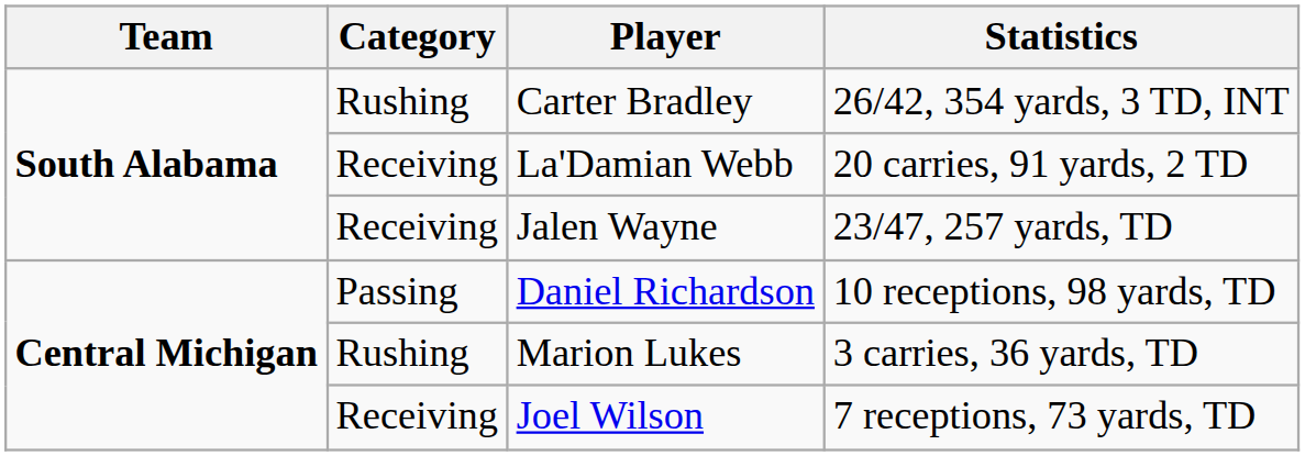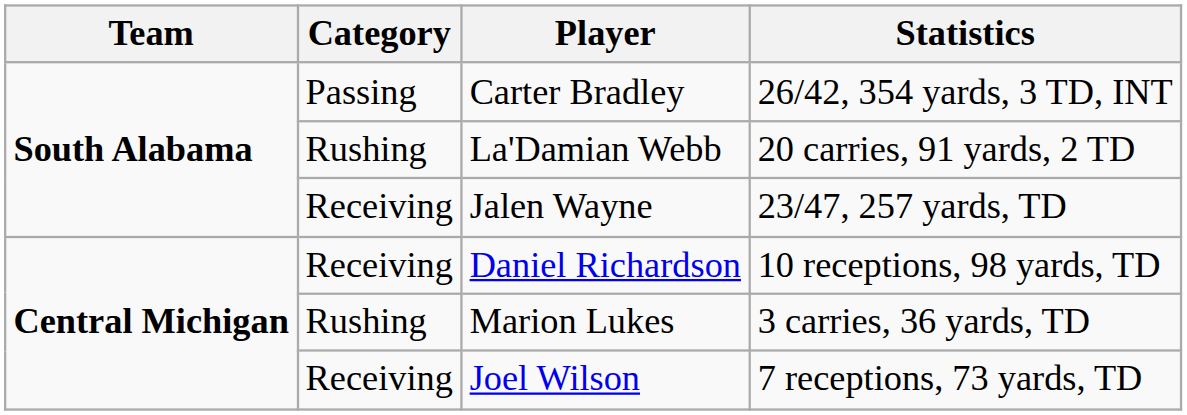 <table class="wikitable" style="float: right;">
 <tr>
 <th>Team</th>
 <th>Category</th>
 <th>Player</th>
 <th>Statistics</th>
 </tr>
 <tr>
 <td rowspan=3><strong>South Alabama</strong></td>
-<td>Rushing</td>
+<td>Passing</td>
 <td>Carter Bradley</td>
 <td>26/42, 354 yards, 3 TD, INT</td>
 </tr>
 <tr>
-<td>Receiving</td>
+<td>Rushing</td>
 <td>La'Damian Webb</td>
 <td>20 carries, 91 yards, 2 TD</td>
 </tr>
 <tr>
 <td>Receiving</td>
 <td>Jalen Wayne</td>
 <td>23/47, 257 yards, TD</td>
 </tr>
 <tr>
 <td rowspan=3><strong>Central Michigan</strong></td>
-<td>Passing</td>
+<td>Receiving</td>
 <td><a href='#'>Daniel Richardson</a></td>
 <td>10 receptions, 98 yards, TD</td>
 </tr>
 <tr>
 <td>Rushing</td>
 <td>Marion Lukes</td>
 <td>3 carries, 36 yards, TD</td>
 </tr>
 <tr>
 <td>Receiving</td>
 <td><a href='#'>Joel Wilson</a></td>
 <td>7 receptions, 73 yards, TD</td>
 </tr>
 </table>
